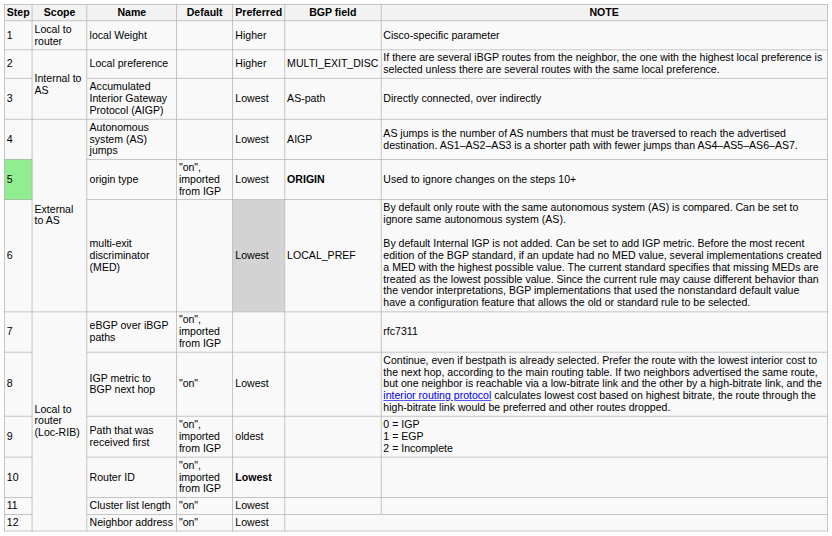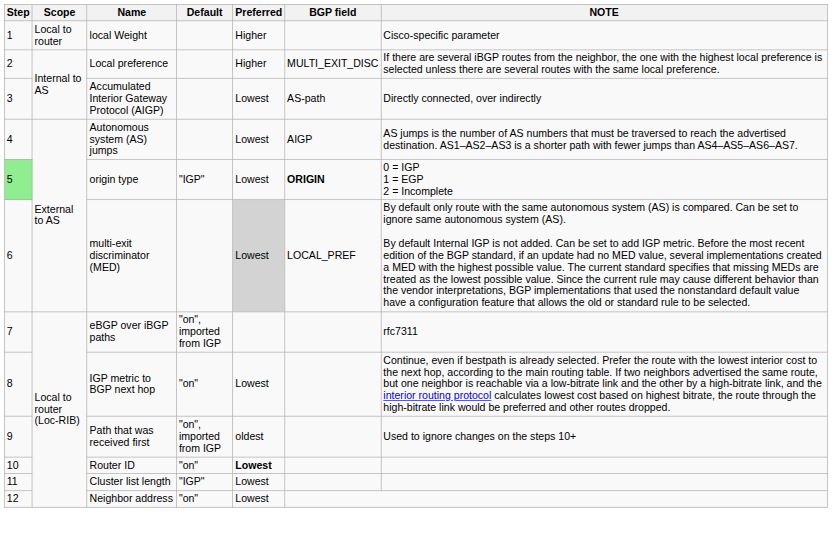 <table class="wikitable">
 <tr>
 <th>Step</th>
 <th>Scope</th>
 <th>Name</th>
 <th>Default</th>
 <th>Preferred</th>
 <th>BGP field</th>
 <th>NOTE</th>
 </tr>
 <tr>
 <td>1</td>
 <td>Local to router</td>
 <td>local Weight</td>
 <td></td>
 <td>Higher</td>
 <td></td>
 <td>Cisco-specific parameter</td>
 </tr>
 <tr>
 <td>2</td>
 <td rowspan="2">Internal to AS</td>
 <td>Local preference</td>
 <td></td>
 <td>Higher</td>
 <td>MULTI_EXIT_DISC</td>
 <td>If there are several iBGP routes from the neighbor, the one with the highest local preference is selected unless there are several routes with the same local preference.</td>
 </tr>
 <tr>
 <td>3</td>
 <td>Accumulated Interior Gateway Protocol (AIGP)</td>
 <td></td>
 <td>Lowest </td>
 <td>AS-path</td>
 <td>Directly connected, over indirectly</td>
 </tr>
 <tr>
 <td>4</td>
 <td rowspan="3">External to AS</td>
 <td>Autonomous system (AS) jumps</td>
 <td></td>
 <td>Lowest </td>
 <td>AIGP</td>
 <td>AS jumps is the number of AS numbers that must be traversed to reach the advertised destination. AS1–AS2–AS3 is a shorter path with fewer jumps than AS4–AS5–AS6–AS7.</td>
 </tr>
 <tr>
 <td style="background: lightgreen;">5</td>
 <td>origin type</td>
-<td>"on", imported from IGP</td>
+<td>"IGP"</td>
 <td>Lowest </td>
 <td><strong>ORIGIN</strong></td>
-<td>Used to ignore changes on the steps 10+</td>
+<td>0 = IGP<br>1 = EGP<br>2 = Incomplete</td>
 </tr>
 <tr>
 <td>6</td>
 <td>multi-exit discriminator (MED)</td>
 <td></td>
 <td style="background: lightgrey;">Lowest </td>
 <td>LOCAL_PREF</td>
 <td>By default only route with the same autonomous system (AS) is compared. Can be set to ignore same autonomous system (AS). <br><br>By default Internal IGP is not added. Can be set to add IGP metric. Before the most recent edition of the BGP standard, if an update had no MED value, several implementations created a MED with the highest possible value. The current standard specifies that missing MEDs are treated as the lowest possible value. Since the current rule may cause different behavior than the vendor interpretations, BGP implementations that used the nonstandard default value have a configuration feature that allows the old or standard rule to be selected.</td>
 </tr>
 <tr>
 <td>7</td>
 <td rowspan="6">Local to router (Loc-RIB)</td>
 <td>eBGP over iBGP paths</td>
 <td>"on", imported from IGP</td>
 <td></td>
 <td></td>
 <td>rfc7311</td>
 </tr>
 <tr>
 <td>8</td>
 <td>IGP metric to BGP next hop</td>
 <td>"on"</td>
 <td>Lowest </td>
 <td></td>
 <td>Continue, even if bestpath is already selected. Prefer the route with the lowest interior cost to the next hop, according to the main routing table. If two neighbors advertised the same route, but one neighbor is reachable via a low-bitrate link and the other by a high-bitrate link, and the <a href='#'>interior routing protocol</a> calculates lowest cost based on highest bitrate, the route through the high-bitrate link would be preferred and other routes dropped.</td>
 </tr>
 <tr>
 <td>9</td>
 <td>Path that was received first</td>
 <td>"on", imported from IGP</td>
 <td>oldest</td>
 <td></td>
-<td>0 = IGP<br>1 = EGP<br>2 = Incomplete</td>
+<td>Used to ignore changes on the steps 10+</td>
 </tr>
 <tr>
 <td>10</td>
 <td>Router ID</td>
-<td>"on", imported from IGP</td>
+<td>"on"</td>
 <td><strong>Lowest </strong></td>
 <td></td>
 <td></td>
 </tr>
 <tr>
 <td>11</td>
 <td>Cluster list length</td>
-<td>"on"</td>
+<td>"IGP"</td>
 <td>Lowest </td>
 <td></td>
 <td></td>
 </tr>
 <tr>
 <td>12</td>
 <td>Neighbor address</td>
 <td>"on"</td>
 <td>Lowest</td>
 </tr>
 </table>
